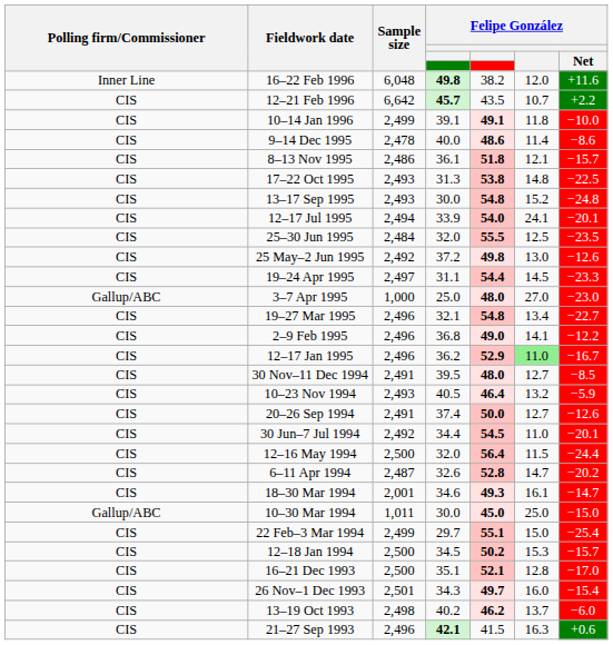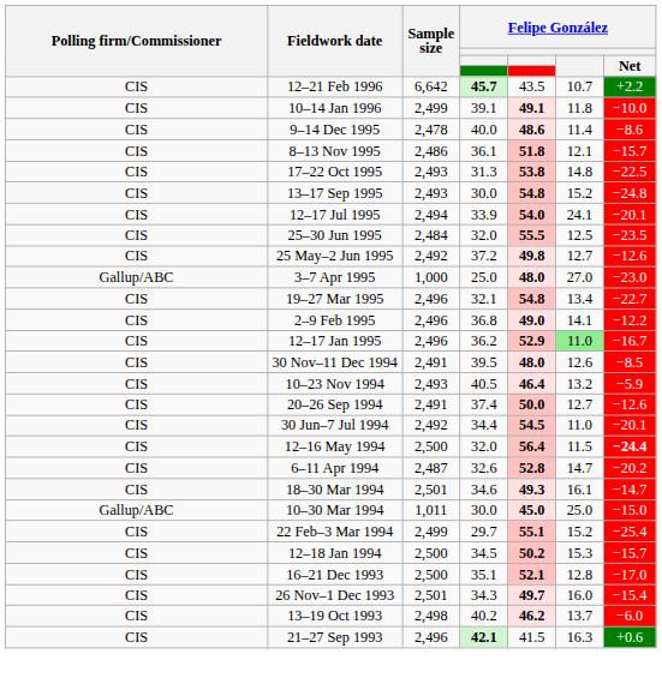 <table class="wikitable collapsible collapsed" style="text-align:center; font-size:90%; line-height:14px;">
 <tr style="height:42px;">
 <th style="width:250px;" rowspan="4">Polling firm/Commissioner</th>
 <th style="width:125px;" rowspan="4">Fieldwork date</th>
 <th style="width:50px;" rowspan="4">Sample size</th>
 <th style="width:185px;" colspan="4"><a href='#'>Felipe González</a><br></th>
 </tr>
 <tr>
 <th colspan="4" style="background:"></th>
 </tr>
 <tr>
 <th style="width:30px;"></th>
 <th style="width:30px;"></th>
 <th style="width:30px;" rowspan="2"></th>
 <th style="width:30px;" rowspan="2">Net</th>
 </tr>
 <tr>
 <th style="color:inherit;background:#008000;"></th>
 <th style="color:inherit;background:#FF0000;"></th>
-</tr>
-<tr>
-<td>Inner Line</td>
-<td>16–22 Feb 1996</td>
-<td>6,048</td>
-<td style="background:#D1F5D1;"><strong>49.8</strong></td>
-<td>38.2</td>
-<td>12.0</td>
-<td style="background:#008000; color:white;">+11.6</td>
 </tr>
 <tr>
 <td>CIS</td>
 <td>12–21 Feb 1996</td>
 <td>6,642</td>
 <td style="background:#D1F5D1;"><strong>45.7</strong></td>
 <td>43.5</td>
 <td>10.7</td>
 <td style="background:#008000; color:white;">+2.2</td>
 </tr>
 <tr>
 <td>CIS</td>
 <td>10–14 Jan 1996</td>
 <td>2,499</td>
 <td>39.1</td>
 <td style="background:#FFE2E1;"><strong>49.1</strong></td>
 <td>11.8</td>
 <td style="background:#FF0000; color:white;">−10.0</td>
 </tr>
 <tr>
 <td>CIS</td>
 <td>9–14 Dec 1995</td>
 <td>2,478</td>
 <td>40.0</td>
 <td style="background:#FFE2E1;"><strong>48.6</strong></td>
 <td>11.4</td>
 <td style="background:#FF0000; color:white;">−8.6</td>
 </tr>
 <tr>
 <td>CIS</td>
 <td>8–13 Nov 1995</td>
 <td>2,486</td>
 <td>36.1</td>
 <td style="background:#FFC2C1;"><strong>51.8</strong></td>
 <td>12.1</td>
 <td style="background:#FF0000; color:white;">−15.7</td>
 </tr>
 <tr>
 <td>CIS</td>
 <td>17–22 Oct 1995</td>
 <td>2,493</td>
 <td>31.3</td>
 <td style="background:#FFC2C1;"><strong>53.8</strong></td>
 <td>14.8</td>
 <td style="background:#FF0000; color:white;">−22.5</td>
 </tr>
 <tr>
 <td>CIS</td>
 <td>13–17 Sep 1995</td>
 <td>2,493</td>
 <td>30.0</td>
 <td style="background:#FFC2C1;"><strong>54.8</strong></td>
 <td>15.2</td>
 <td style="background:#FF0000; color:white;">−24.8</td>
 </tr>
 <tr>
 <td>CIS</td>
 <td>12–17 Jul 1995</td>
 <td>2,494</td>
 <td>33.9</td>
 <td style="background:#FFC2C1;"><strong>54.0</strong></td>
 <td>24.1</td>
 <td style="background:#FF0000; color:white;">−20.1</td>
 </tr>
 <tr>
 <td>CIS</td>
 <td>25–30 Jun 1995</td>
 <td>2,484</td>
 <td>32.0</td>
 <td style="background:#FFC2C1;"><strong>55.5</strong></td>
 <td>12.5</td>
 <td style="background:#FF0000; color:white;">−23.5</td>
 </tr>
 <tr>
 <td>CIS</td>
 <td>25 May–2 Jun 1995</td>
 <td>2,492</td>
 <td>37.2</td>
 <td style="background:#FFE2E1;"><strong>49.8</strong></td>
-<td>13.0</td>
+<td>12.7</td>
 <td style="background:#FF0000; color:white;">−12.6</td>
-</tr>
-<tr>
-<td>CIS</td>
-<td>19–24 Apr 1995</td>
-<td>2,497</td>
-<td>31.1</td>
-<td style="background:#FFC2C1;"><strong>54.4</strong></td>
-<td>14.5</td>
-<td style="background:#FF0000; color:white;">−23.3</td>
 </tr>
 <tr>
 <td>Gallup/ABC</td>
 <td>3–7 Apr 1995</td>
 <td>1,000</td>
 <td>25.0</td>
 <td style="background:#FFE2E1;"><strong>48.0</strong></td>
 <td>27.0</td>
 <td style="background:#FF0000; color:white;">−23.0</td>
 </tr>
 <tr>
 <td>CIS</td>
 <td>19–27 Mar 1995</td>
 <td>2,496</td>
 <td>32.1</td>
 <td style="background:#FFC2C1;"><strong>54.8</strong></td>
 <td>13.4</td>
 <td style="background:#FF0000; color:white;">−22.7</td>
 </tr>
 <tr>
 <td>CIS</td>
 <td>2–9 Feb 1995</td>
 <td>2,496</td>
 <td>36.8</td>
 <td style="background:#FFE2E1;"><strong>49.0</strong></td>
 <td>14.1</td>
 <td style="background:#FF0000; color:white;">−12.2</td>
 </tr>
 <tr>
 <td>CIS</td>
 <td>12–17 Jan 1995</td>
 <td>2,496</td>
 <td>36.2</td>
 <td style="background:#FFC2C1;"><strong>52.9</strong></td>
 <td style="background: lightgreen;">11.0</td>
 <td style="background:#FF0000; color:white;">−16.7</td>
 </tr>
 <tr>
 <td>CIS</td>
 <td>30 Nov–11 Dec 1994</td>
 <td>2,491</td>
 <td>39.5</td>
 <td style="background:#FFE2E1;"><strong>48.0</strong></td>
-<td>12.7</td>
+<td>12.6</td>
 <td style="background:#FF0000; color:white;">−8.5</td>
 </tr>
 <tr>
 <td>CIS</td>
 <td>10–23 Nov 1994</td>
 <td>2,493</td>
 <td>40.5</td>
 <td style="background:#FFE2E1;"><strong>46.4</strong></td>
 <td>13.2</td>
 <td style="background:#FF0000; color:white;">−5.9</td>
 </tr>
 <tr>
 <td>CIS</td>
 <td>20–26 Sep 1994</td>
 <td>2,491</td>
 <td>37.4</td>
 <td style="background:#FFC2C1;"><strong>50.0</strong></td>
 <td>12.7</td>
 <td style="background:#FF0000; color:white;">−12.6</td>
 </tr>
 <tr>
 <td>CIS</td>
 <td>30 Jun–7 Jul 1994</td>
 <td>2,492</td>
 <td>34.4</td>
 <td style="background:#FFC2C1;"><strong>54.5</strong></td>
 <td>11.0</td>
 <td style="background:#FF0000; color:white;">−20.1</td>
 </tr>
 <tr>
 <td>CIS</td>
 <td>12–16 May 1994</td>
 <td>2,500</td>
 <td>32.0</td>
 <td style="background:#FFC2C1;"><strong>56.4</strong></td>
 <td>11.5</td>
-<td style="background:#FF0000; color:white;">−24.4</td>
+<td style="background:#FF0000; color:white;"><strong>−24.4</strong></td>
 </tr>
 <tr>
 <td>CIS</td>
 <td>6–11 Apr 1994</td>
 <td>2,487</td>
 <td>32.6</td>
 <td style="background:#FFC2C1;"><strong>52.8</strong></td>
 <td>14.7</td>
 <td style="background:#FF0000; color:white;">−20.2</td>
 </tr>
 <tr>
 <td>CIS</td>
 <td>18–30 Mar 1994</td>
-<td>2,001</td>
+<td>2,501</td>
 <td>34.6</td>
 <td style="background:#FFE2E1;"><strong>49.3</strong></td>
 <td>16.1</td>
 <td style="background:#FF0000; color:white;">−14.7</td>
 </tr>
 <tr>
 <td>Gallup/ABC</td>
 <td>10–30 Mar 1994</td>
 <td>1,011</td>
 <td>30.0</td>
 <td style="background:#FFE2E1;"><strong>45.0</strong></td>
 <td>25.0</td>
 <td style="background:#FF0000; color:white;">−15.0</td>
 </tr>
 <tr>
 <td>CIS</td>
 <td>22 Feb–3 Mar 1994</td>
 <td>2,499</td>
 <td>29.7</td>
 <td style="background:#FFC2C1;"><strong>55.1</strong></td>
-<td>15.0</td>
+<td>15.2</td>
 <td style="background:#FF0000; color:white;">−25.4</td>
 </tr>
 <tr>
 <td>CIS</td>
 <td>12–18 Jan 1994</td>
 <td>2,500</td>
 <td>34.5</td>
 <td style="background:#FFC2C1;"><strong>50.2</strong></td>
 <td>15.3</td>
 <td style="background:#FF0000; color:white;">−15.7</td>
 </tr>
 <tr>
 <td>CIS</td>
 <td>16–21 Dec 1993</td>
 <td>2,500</td>
 <td>35.1</td>
 <td style="background:#FFC2C1;"><strong>52.1</strong></td>
 <td>12.8</td>
 <td style="background:#FF0000; color:white;">−17.0</td>
 </tr>
 <tr>
 <td>CIS</td>
 <td>26 Nov–1 Dec 1993</td>
 <td>2,501</td>
 <td>34.3</td>
 <td style="background:#FFE2E1;"><strong>49.7</strong></td>
 <td>16.0</td>
 <td style="background:#FF0000; color:white;">−15.4</td>
 </tr>
 <tr>
 <td>CIS</td>
 <td>13–19 Oct 1993</td>
 <td>2,498</td>
 <td>40.2</td>
 <td style="background:#FFE2E1;"><strong>46.2</strong></td>
 <td>13.7</td>
 <td style="background:#FF0000; color:white;">−6.0</td>
 </tr>
 <tr>
 <td>CIS</td>
 <td>21–27 Sep 1993</td>
 <td>2,496</td>
 <td style="background:#D1F5D1;"><strong>42.1</strong></td>
 <td>41.5</td>
 <td>16.3</td>
 <td style="background:#008000; color:white;">+0.6</td>
 </tr>
 </table>
